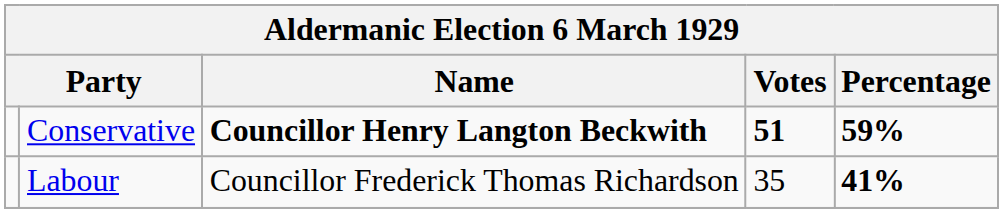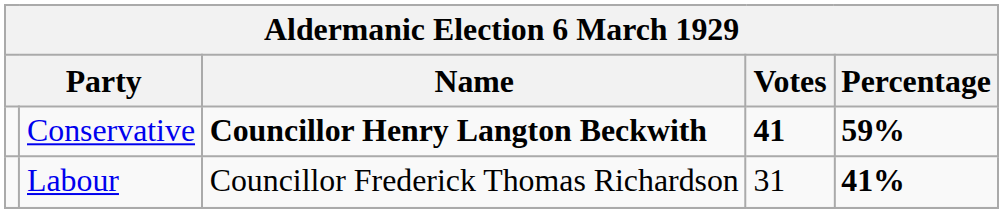 <table class="wikitable">
 <tr>
 <th colspan="5"><strong>Aldermanic Election 6 March 1929</strong></th>
 </tr>
 <tr>
 <th colspan="2">Party</th>
 <th>Name</th>
 <th>Votes</th>
 <th>Percentage</th>
 </tr>
 <tr>
 <td style="background-color:"></td>
 <td><a href='#'>Conservative</a></td>
 <td><strong>Councillor Henry Langton Beckwith</strong></td>
-<td><strong>51</strong></td>
+<td><strong>41</strong></td>
 <td><strong>59%</strong></td>
 </tr>
 <tr>
 <td style="background-color:"></td>
 <td><a href='#'>Labour</a></td>
 <td>Councillor Frederick Thomas Richardson</td>
-<td>35</td>
+<td>31</td>
 <td><strong>41%</strong></td>
 </tr>
 <tr>
 </tr>
 </table>
